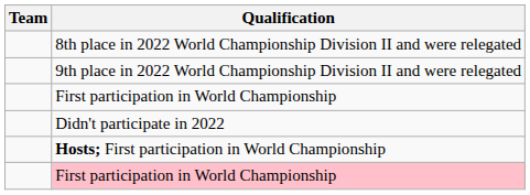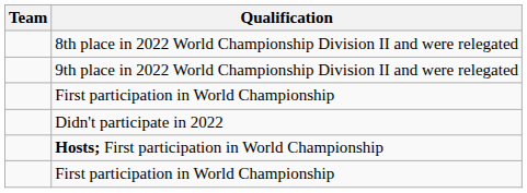 <table class="wikitable">
 <tr>
 <th>Team</th>
 <th>Qualification</th>
 </tr>
 <tr>
 <td></td>
 <td>8th place in 2022 World Championship Division II and were relegated</td>
 </tr>
 <tr>
 <td></td>
 <td>9th place in 2022 World Championship Division II and were relegated</td>
 </tr>
 <tr>
 <td></td>
 <td>First participation in World Championship</td>
 </tr>
 <tr>
 <td></td>
 <td>Didn't participate in 2022</td>
 </tr>
 <tr>
 <td></td>
 <td><strong>Hosts;</strong> First participation in World Championship</td>
 </tr>
 <tr>
 <td></td>
-<td style="background: pink;">First participation in World Championship</td>
+<td>First participation in World Championship</td>
 </tr>
 </table>
